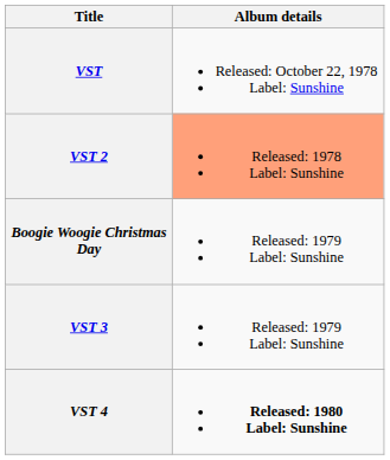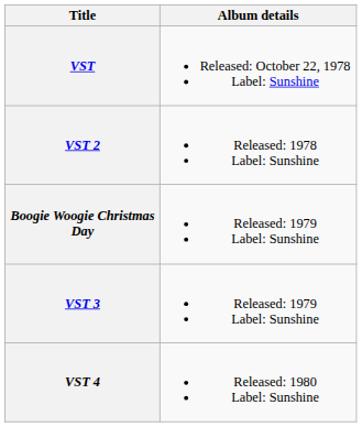 <table class="wikitable plainrowheaders" style="text-align:center;">
 <tr>
 <th scope="col" style="width:11em;">Title</th>
 <th scope="col" style="width:14em;">Album details</th>
 </tr>
 <tr>
 <th scope="row"><em><a href='#'>VST</a></em></th>
 <td><br><ul><li>Released: October 22, 1978</li><li>Label: <a href='#'>Sunshine</a></li></ul></td>
 </tr>
 <tr>
 <th scope="row"><em><a href='#'>VST 2</a></em></th>
-<td style="background: lightsalmon;"><br><ul><li>Released: 1978</li><li>Label: Sunshine</li></ul></td>
+<td><br><ul><li>Released: 1978</li><li>Label: Sunshine</li></ul></td>
 </tr>
 <tr>
 <th scope="row"><em>Boogie Woogie Christmas Day</em></th>
 <td><br><ul><li>Released: 1979</li><li>Label: Sunshine</li></ul></td>
 </tr>
 <tr>
 <th scope="row"><em><a href='#'>VST 3</a></em></th>
 <td><br><ul><li>Released: 1979</li><li>Label: Sunshine</li></ul></td>
 </tr>
 <tr>
 <th scope="row"><em>VST 4</em></th>
-<td><strong><br><ul><li>Released: 1980</li><li>Label: Sunshine</li></ul></strong></td>
+<td><br><ul><li>Released: 1980</li><li>Label: Sunshine</li></ul></td>
 </tr>
 </table>
